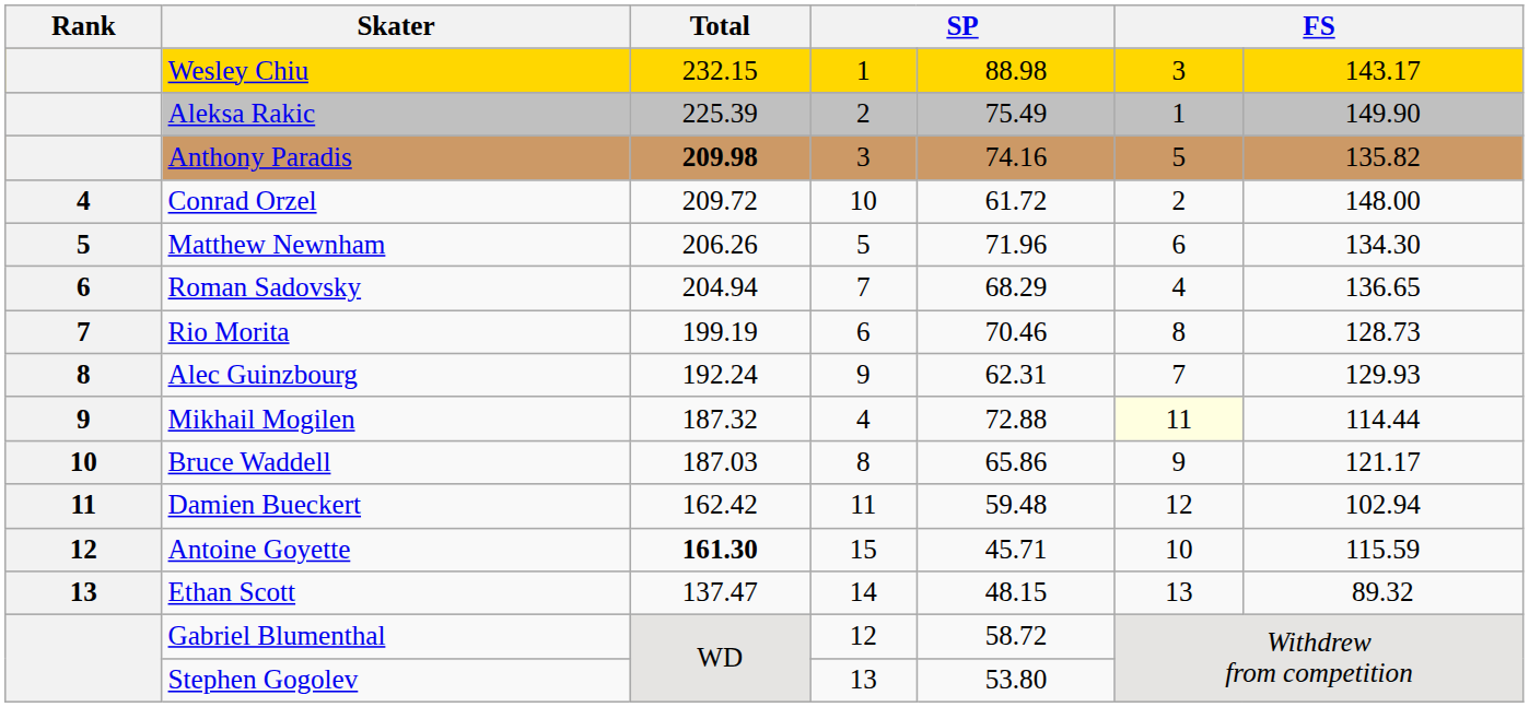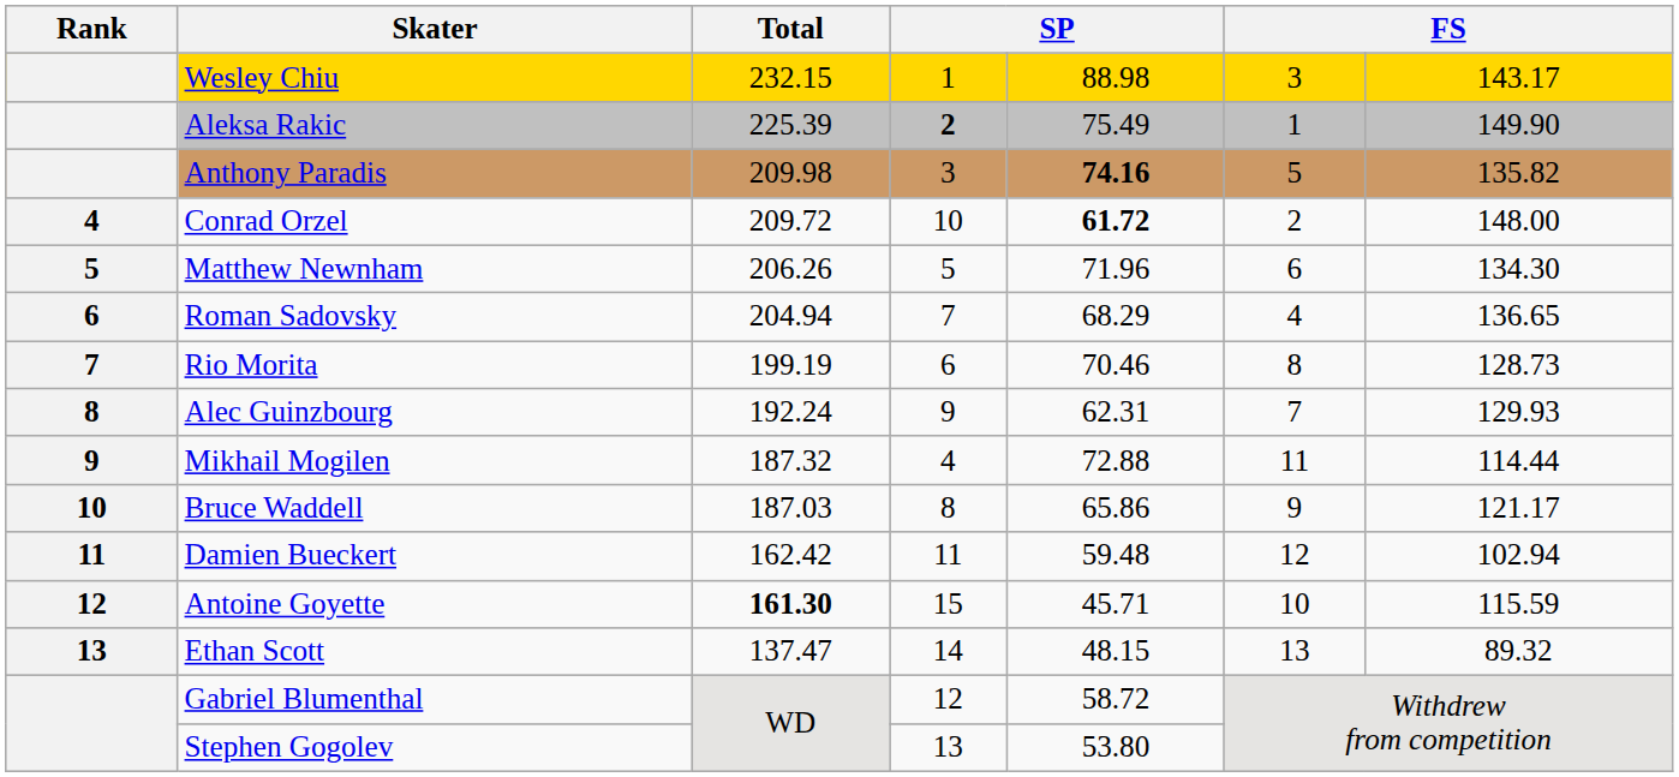 <table class="wikitable sortable" style="text-align:center; width:70%">
 <tr>
 <th scope="col">Rank</th>
 <th scope="col">Skater</th>
 <th scope="col">Total</th>
 <th scope="col" colspan="2" width="80px"><a href='#'>SP</a></th>
 <th scope="col" colspan="2" width="80px"><a href='#'>FS</a></th>
 </tr>
 <tr bgcolor="gold">
 <th scope="row"></th>
 <td align="left"><a href='#'>Wesley Chiu</a></td>
 <td>232.15</td>
 <td>1</td>
 <td>88.98</td>
 <td>3</td>
 <td>143.17</td>
 </tr>
 <tr bgcolor="silver">
 <th scope="row"></th>
 <td align="left"><a href='#'>Aleksa Rakic</a></td>
 <td>225.39</td>
-<td>2</td>
+<td><strong>2</strong></td>
 <td>75.49</td>
 <td>1</td>
 <td>149.90</td>
 </tr>
 <tr bgcolor="cc9966">
 <th scope="row"></th>
 <td align="left"><a href='#'>Anthony Paradis</a></td>
-<td><strong>209.98</strong></td>
+<td>209.98</td>
 <td>3</td>
-<td>74.16</td>
+<td><strong>74.16</strong></td>
 <td>5</td>
 <td>135.82</td>
 </tr>
 <tr>
 <th scope="row">4</th>
 <td align="left"><a href='#'>Conrad Orzel</a></td>
 <td>209.72</td>
 <td>10</td>
-<td>61.72</td>
+<td><strong>61.72</strong></td>
 <td>2</td>
 <td>148.00</td>
 </tr>
 <tr>
 <th scope="row">5</th>
 <td align="left"><a href='#'>Matthew Newnham</a></td>
 <td>206.26</td>
 <td>5</td>
 <td>71.96</td>
 <td>6</td>
 <td>134.30</td>
 </tr>
 <tr>
 <th scope="row">6</th>
 <td align="left"><a href='#'>Roman Sadovsky</a></td>
 <td>204.94</td>
 <td>7</td>
 <td>68.29</td>
 <td>4</td>
 <td>136.65</td>
 </tr>
 <tr>
 <th scope="row">7</th>
 <td align="left"><a href='#'>Rio Morita</a></td>
 <td>199.19</td>
 <td>6</td>
 <td>70.46</td>
 <td>8</td>
 <td>128.73</td>
 </tr>
 <tr>
 <th scope="row">8</th>
 <td align="left"><a href='#'>Alec Guinzbourg</a></td>
 <td>192.24</td>
 <td>9</td>
 <td>62.31</td>
 <td>7</td>
 <td>129.93</td>
 </tr>
 <tr>
 <th scope="row">9</th>
 <td align="left"><a href='#'>Mikhail Mogilen</a></td>
 <td>187.32</td>
 <td>4</td>
 <td>72.88</td>
-<td style="background: lightyellow;">11</td>
+<td>11</td>
 <td>114.44</td>
 </tr>
 <tr>
 <th scope="row">10</th>
 <td align="left"><a href='#'>Bruce Waddell</a></td>
 <td>187.03</td>
 <td>8</td>
 <td>65.86</td>
 <td>9</td>
 <td>121.17</td>
 </tr>
 <tr>
 <th scope="row">11</th>
 <td align="left"><a href='#'>Damien Bueckert</a></td>
 <td>162.42</td>
 <td>11</td>
 <td>59.48</td>
 <td>12</td>
 <td>102.94</td>
 </tr>
 <tr>
 <th scope="row">12</th>
 <td align="left"><a href='#'>Antoine Goyette</a></td>
 <td><strong>161.30</strong></td>
 <td>15</td>
 <td>45.71</td>
 <td>10</td>
 <td>115.59</td>
 </tr>
 <tr>
 <th scope="row">13</th>
 <td align="left"><a href='#'>Ethan Scott</a></td>
 <td>137.47</td>
 <td>14</td>
 <td>48.15</td>
 <td>13</td>
 <td>89.32</td>
 </tr>
 <tr>
 <th scope="row" rowspan="2"></th>
 <td align="left"><a href='#'>Gabriel Blumenthal</a></td>
 <td rowspan="2" bgcolor="e5e4e2">WD</td>
 <td>12</td>
 <td>58.72</td>
 <td colspan="2" rowspan="2" bgcolor="e5e4e2"><em>Withdrew<br>from competition</em></td>
 </tr>
 <tr>
 <td align="left"><a href='#'>Stephen Gogolev</a></td>
 <td>13</td>
 <td>53.80</td>
 </tr>
 </table>
